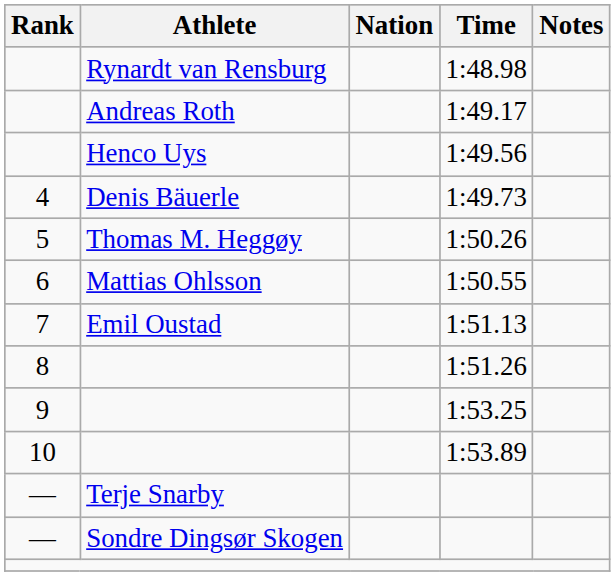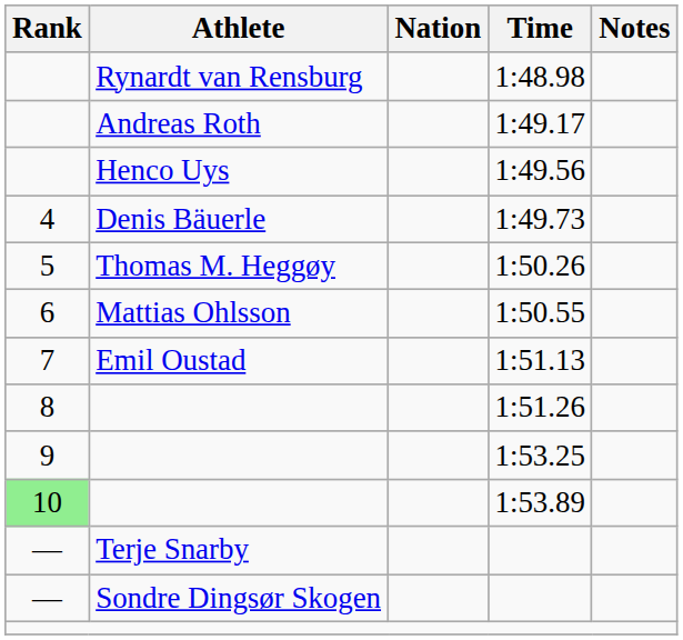 <table class="wikitable sortable" style="text-align:center;">
 <tr>
 <th scope="col" style="width: 10px;">Rank</th>
 <th scope="col">Athlete</th>
 <th scope="col">Nation</th>
 <th scope="col">Time</th>
 <th scope="col">Notes</th>
 </tr>
 <tr>
 <td></td>
 <td align=left><a href='#'>Rynardt van Rensburg</a></td>
 <td align=left></td>
 <td>1:48.98</td>
 <td></td>
 </tr>
 <tr>
 <td></td>
 <td align=left><a href='#'>Andreas Roth</a></td>
 <td align=left></td>
 <td>1:49.17</td>
 <td></td>
 </tr>
 <tr>
 <td></td>
 <td align=left><a href='#'>Henco Uys</a></td>
 <td align=left></td>
 <td>1:49.56</td>
 <td></td>
 </tr>
 <tr>
 <td>4</td>
 <td align=left><a href='#'>Denis Bäuerle</a></td>
 <td align=left></td>
 <td>1:49.73</td>
 <td></td>
 </tr>
 <tr>
 <td>5</td>
 <td align=left><a href='#'>Thomas M. Heggøy</a></td>
 <td align=left></td>
 <td>1:50.26</td>
 <td></td>
 </tr>
 <tr>
 <td>6</td>
 <td align=left><a href='#'>Mattias Ohlsson</a></td>
 <td align=left></td>
 <td>1:50.55</td>
 <td></td>
 </tr>
 <tr>
 <td>7</td>
 <td align=left><a href='#'>Emil Oustad</a></td>
 <td align=left></td>
 <td>1:51.13</td>
 <td></td>
 </tr>
 <tr>
 <td>8</td>
 <td align=left></td>
 <td align=left></td>
 <td>1:51.26</td>
 <td></td>
 </tr>
 <tr>
 <td>9</td>
 <td align=left></td>
 <td align=left></td>
 <td>1:53.25</td>
 <td></td>
 </tr>
 <tr>
-<td>10</td>
+<td style="background: lightgreen;">10</td>
 <td align=left></td>
 <td align=left></td>
 <td>1:53.89</td>
 <td></td>
 </tr>
 <tr>
 <td>—</td>
 <td align=left><a href='#'>Terje Snarby</a></td>
 <td align=left></td>
 <td></td>
 <td></td>
 </tr>
 <tr>
 <td>—</td>
 <td align=left><a href='#'>Sondre Dingsør Skogen</a></td>
 <td align=left></td>
 <td></td>
 <td></td>
 </tr>
 <tr class="sortbottom">
 <td colspan="5"></td>
 </tr>
 </table>
